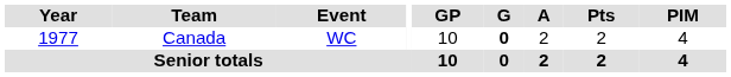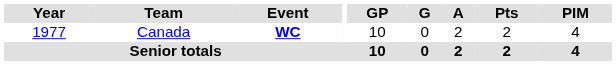 <table border="0" cellpadding="1" cellspacing="0" ID="Table3" style="text-align:center; width:40em">
 <tr bgcolor="#e0e0e0">
 <th>Year</th>
 <th>Team</th>
 <th>Event</th>
 <th rowspan="102" bgcolor="#ffffff"></th>
 <th>GP</th>
 <th>G</th>
 <th>A</th>
 <th>Pts</th>
 <th>PIM</th>
 </tr>
 <tr>
 <td><a href='#'>1977</a></td>
 <td><a href='#'>Canada</a></td>
-<td><a href='#'>WC</a></td>
+<td><strong><a href='#'>WC</a></strong></td>
 <td>10</td>
-<td><strong>0</strong></td>
+<td>0</td>
 <td>2</td>
 <td>2</td>
 <td>4</td>
 </tr>
 <tr bgcolor="#e0e0e0">
 <th colspan="4">Senior totals</th>
 <th>10</th>
 <th>0</th>
 <th>2</th>
 <th>2</th>
 <th>4</th>
 </tr>
 </table>
